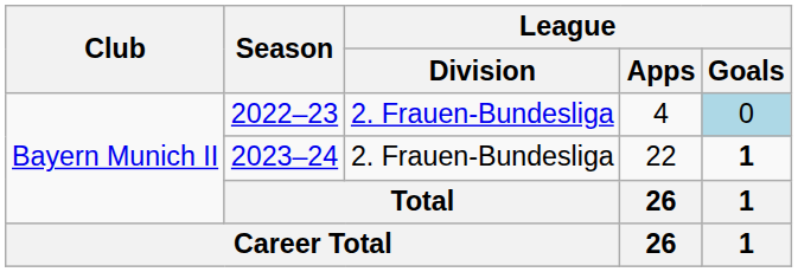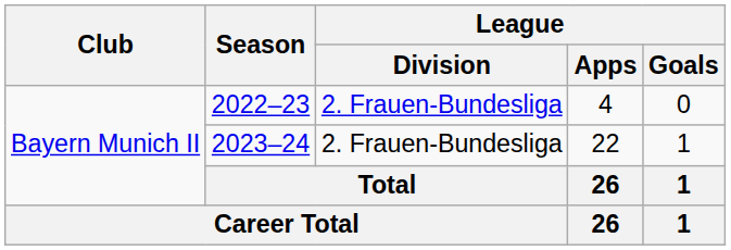 <table class="wikitable" Style="text-align: center">
 <tr>
 <th rowspan="2">Club</th>
 <th rowspan="2">Season</th>
 <th colspan="3">League</th>
 </tr>
 <tr>
 <th>Division</th>
 <th>Apps</th>
 <th>Goals</th>
 </tr>
 <tr>
 <td rowspan="3"><a href='#'>Bayern Munich II</a></td>
 <td><a href='#'>2022–23</a></td>
 <td><a href='#'>2. Frauen-Bundesliga</a></td>
 <td>4</td>
-<td style="background: lightblue;">0</td>
+<td>0</td>
 </tr>
 <tr>
 <td><a href='#'>2023–24</a></td>
 <td>2. Frauen-Bundesliga</td>
 <td>22</td>
-<td><strong>1</strong></td>
+<td>1</td>
 </tr>
 <tr>
 <th colspan="2">Total</th>
 <th>26</th>
 <th>1</th>
 </tr>
 <tr>
 <th colspan="3">Career Total</th>
 <th>26</th>
 <th>1</th>
 </tr>
 </table>
